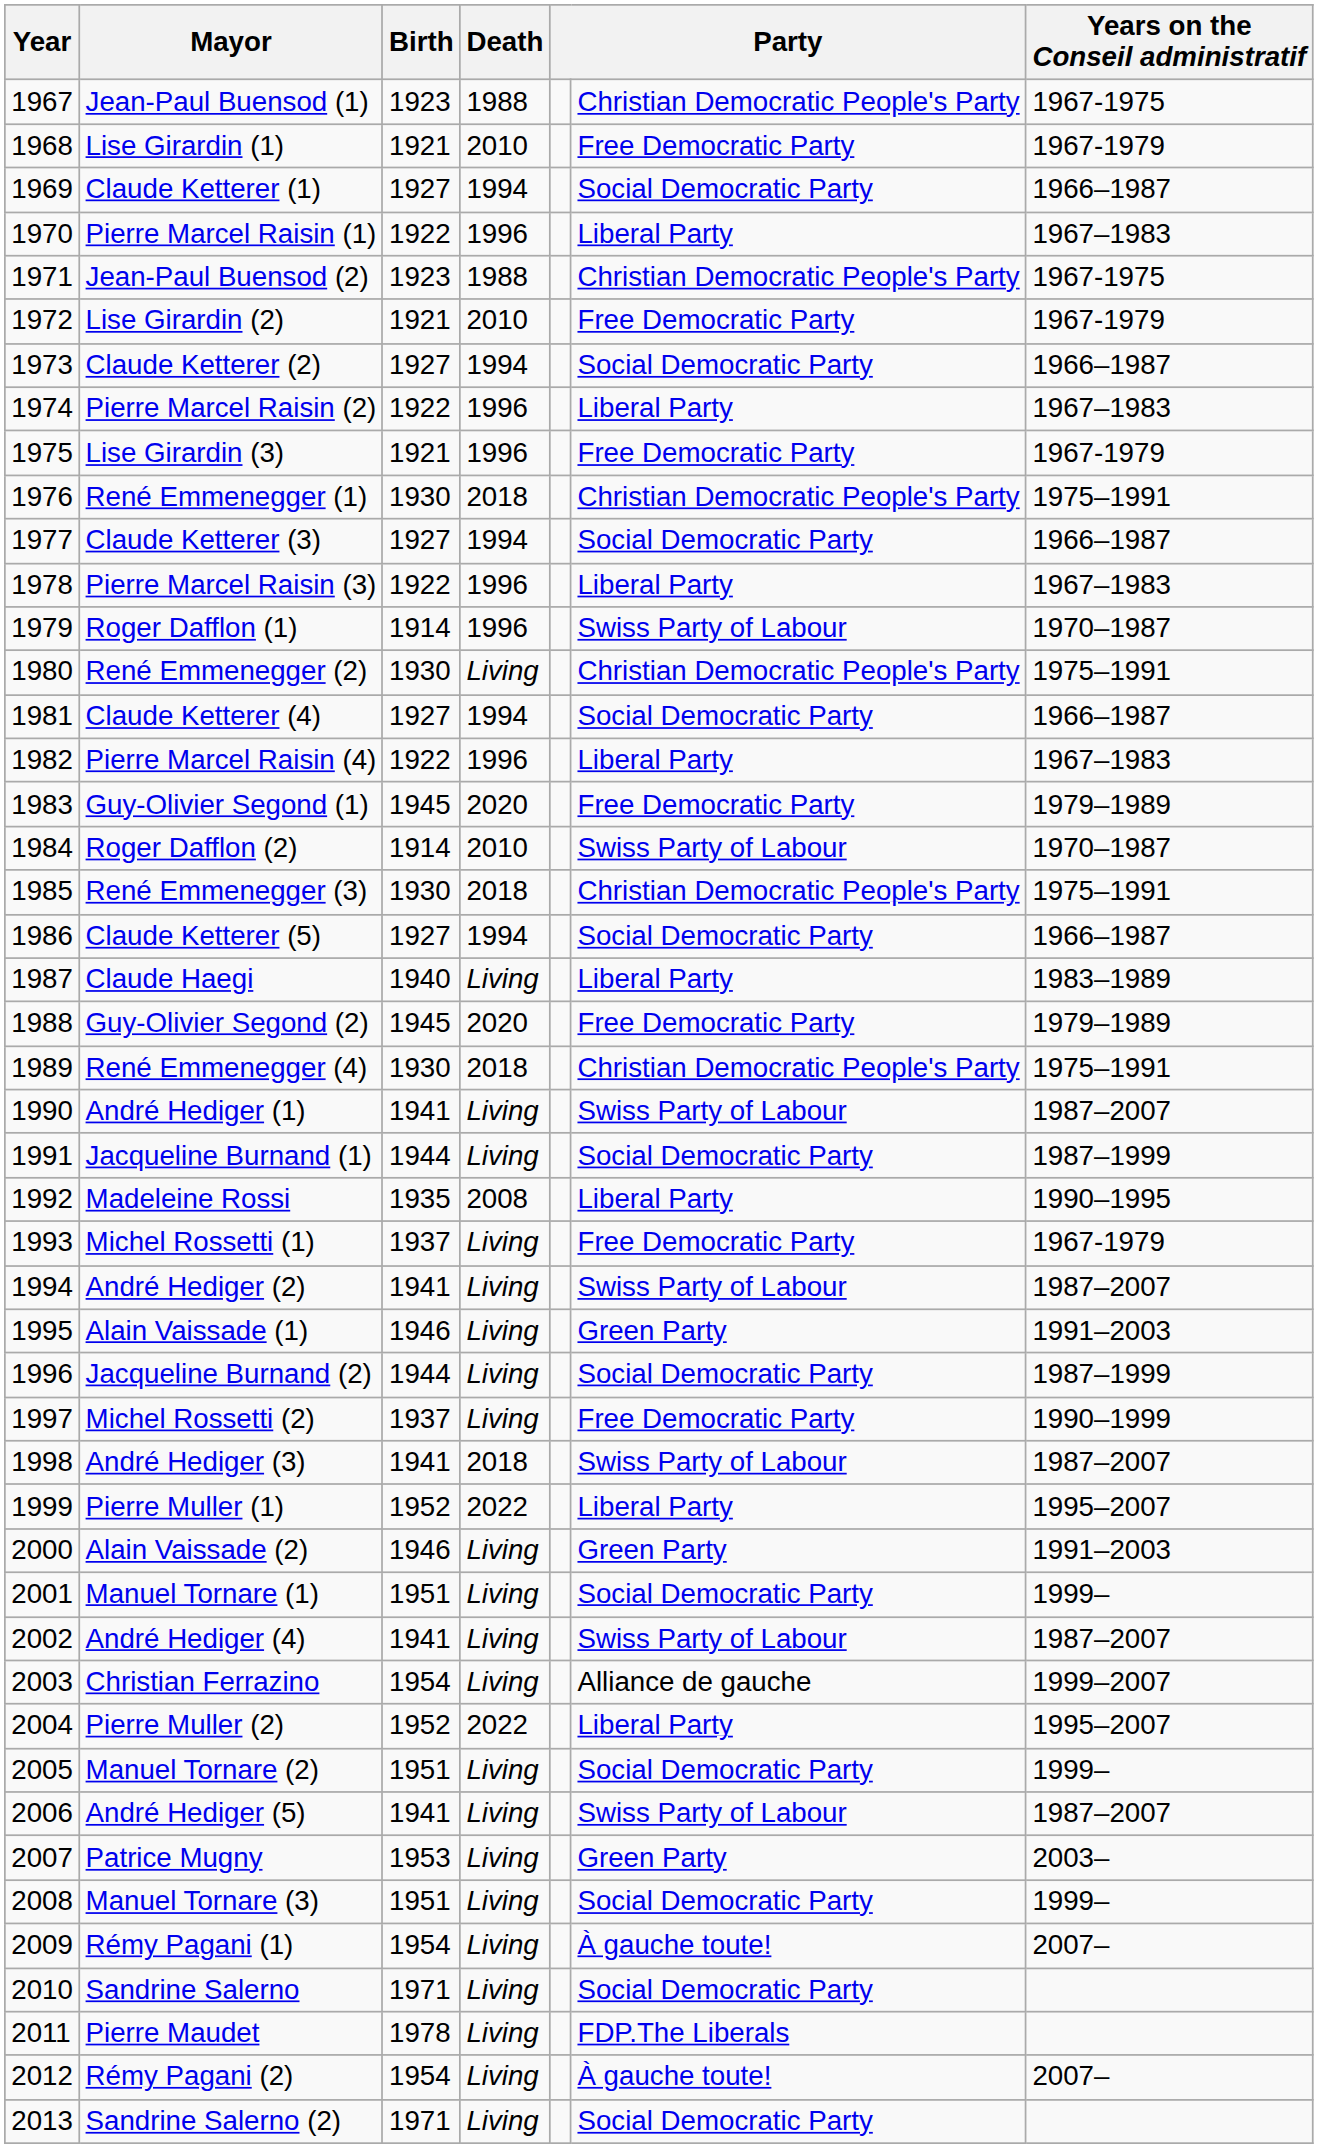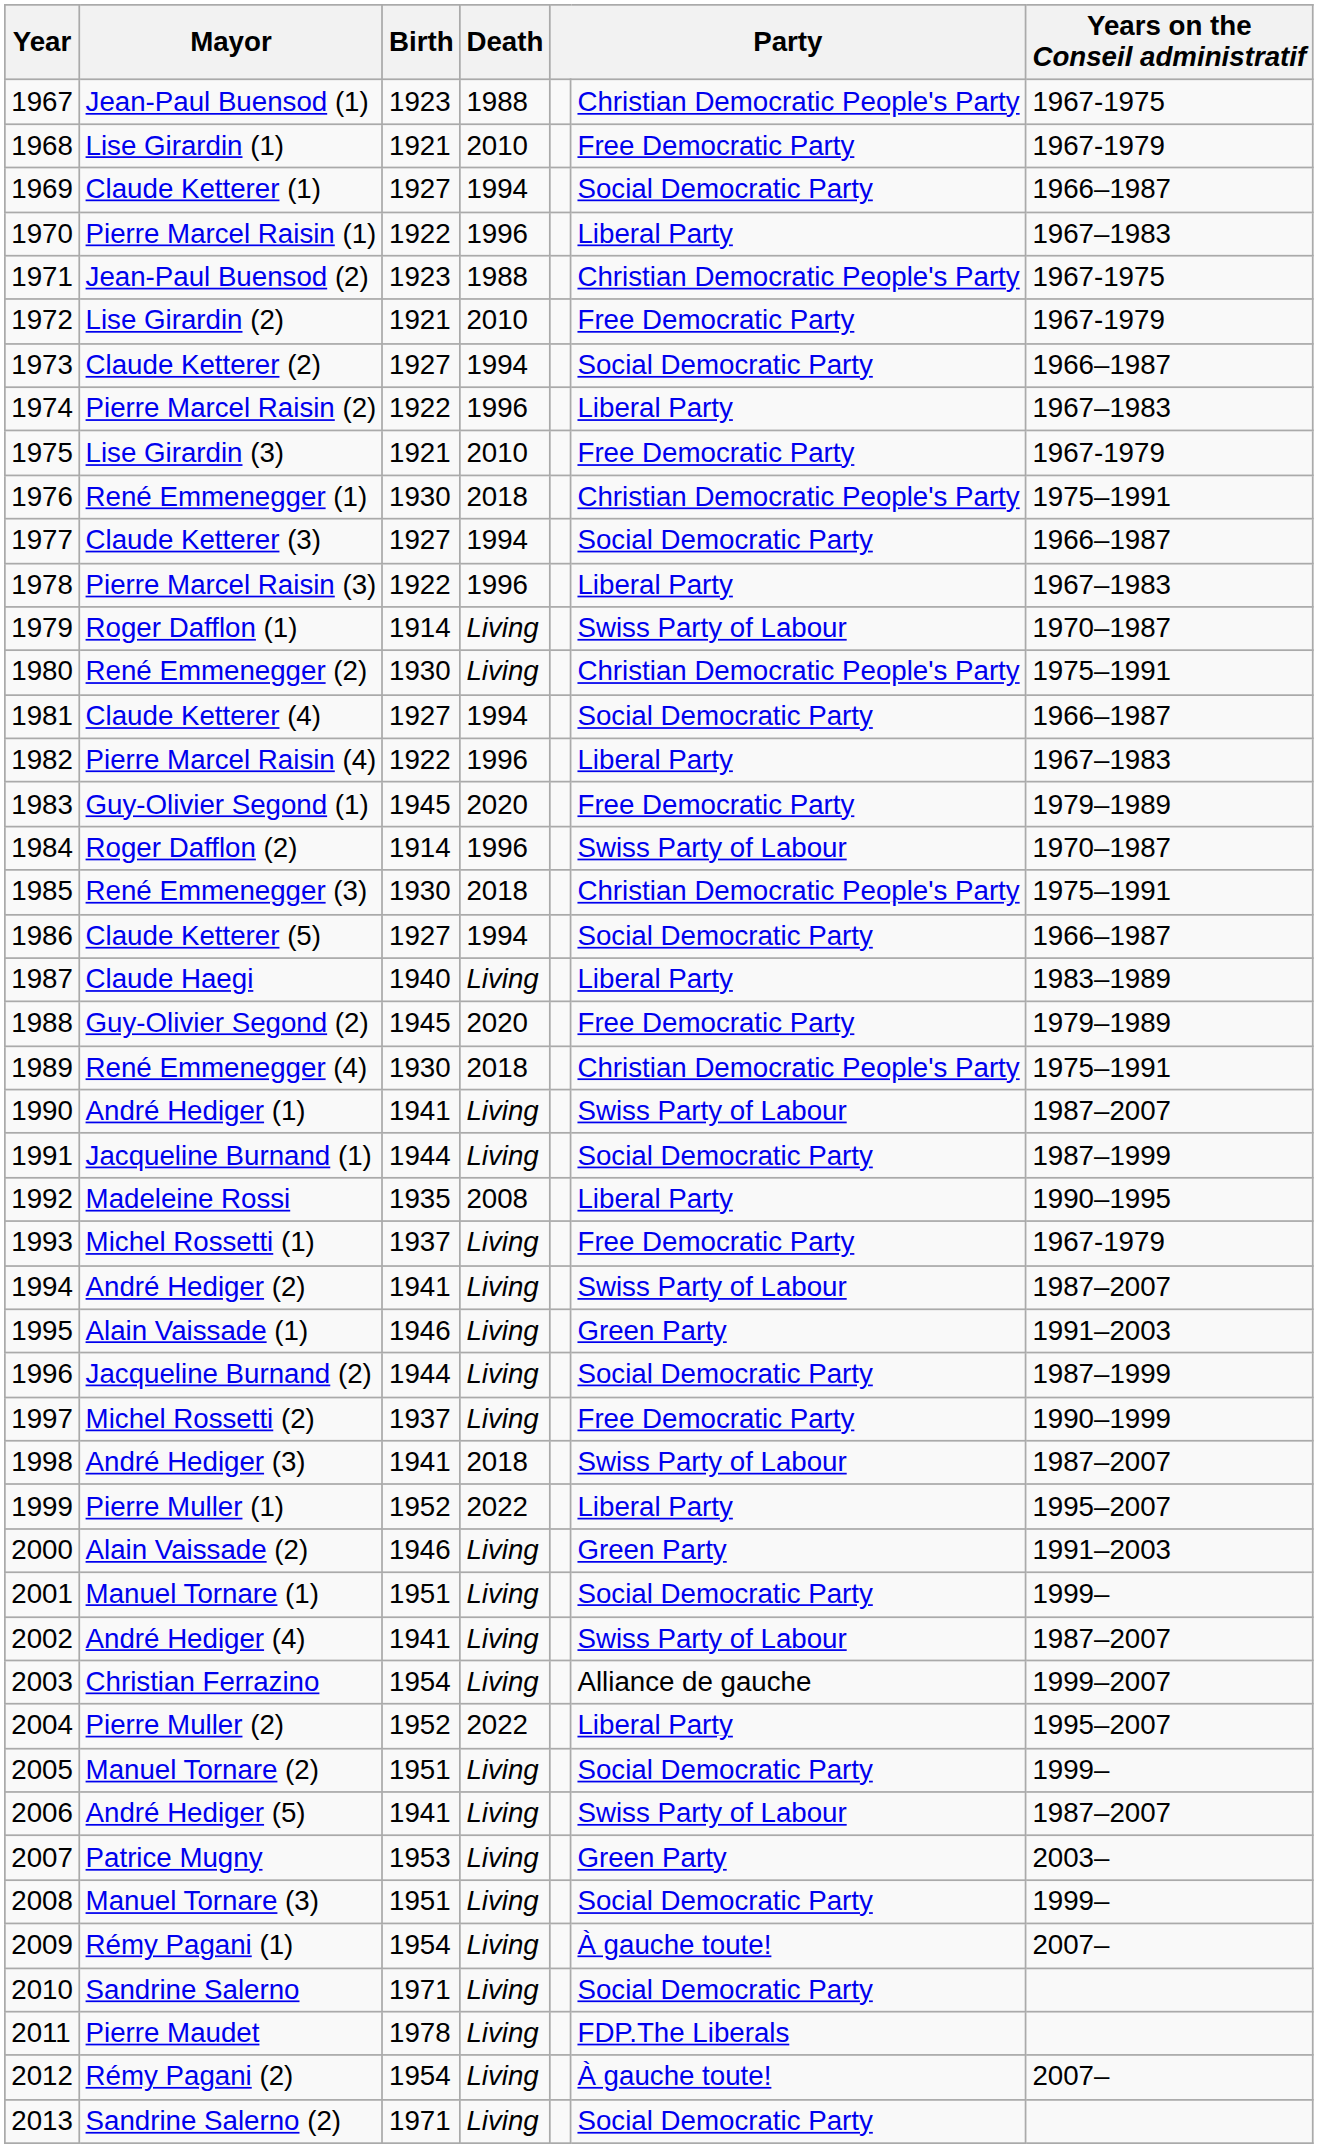 <table class="wikitable sortable">
 <tr>
 <th>Year</th>
 <th>Mayor</th>
 <th>Birth</th>
 <th>Death</th>
 <th colspan=2>Party</th>
 <th>Years on the <br><em>Conseil administratif</em></th>
 </tr>
 <tr>
 <td>1967</td>
 <td><a href='#'>Jean-Paul Buensod</a> (1)</td>
 <td>1923</td>
 <td>1988</td>
 <td width=5px style="background-color: "></td>
 <td><a href='#'>Christian Democratic People's Party</a></td>
 <td>1967-1975</td>
 </tr>
 <tr>
 <td>1968</td>
 <td><a href='#'>Lise Girardin</a> (1)</td>
 <td>1921</td>
 <td>2010</td>
 <td style="background-color: "></td>
 <td><a href='#'>Free Democratic Party</a></td>
 <td>1967-1979</td>
 </tr>
 <tr>
 <td>1969</td>
 <td><a href='#'>Claude Ketterer</a> (1)</td>
 <td>1927</td>
 <td>1994</td>
 <td style="background-color: "></td>
 <td><a href='#'>Social Democratic Party</a></td>
 <td>1966–1987</td>
 </tr>
 <tr>
 <td>1970</td>
 <td><a href='#'>Pierre Marcel Raisin</a> (1)</td>
 <td>1922</td>
 <td>1996</td>
 <td style="background-color: "></td>
 <td><a href='#'>Liberal Party</a></td>
 <td>1967–1983</td>
 </tr>
 <tr>
 <td>1971</td>
 <td><a href='#'>Jean-Paul Buensod</a> (2)</td>
 <td>1923</td>
 <td>1988</td>
 <td style="background-color: "></td>
 <td><a href='#'>Christian Democratic People's Party</a></td>
 <td>1967-1975</td>
 </tr>
 <tr>
 <td>1972</td>
 <td><a href='#'>Lise Girardin</a> (2)</td>
 <td>1921</td>
 <td>2010</td>
 <td style="background-color: "></td>
 <td><a href='#'>Free Democratic Party</a></td>
 <td>1967-1979</td>
 </tr>
 <tr>
 <td>1973</td>
 <td><a href='#'>Claude Ketterer</a> (2)</td>
 <td>1927</td>
 <td>1994</td>
 <td style="background-color: "></td>
 <td><a href='#'>Social Democratic Party</a></td>
 <td>1966–1987</td>
 </tr>
 <tr>
 <td>1974</td>
 <td><a href='#'>Pierre Marcel Raisin</a> (2)</td>
 <td>1922</td>
 <td>1996</td>
 <td style="background-color: "></td>
 <td><a href='#'>Liberal Party</a></td>
 <td>1967–1983</td>
 </tr>
 <tr>
 <td>1975</td>
 <td><a href='#'>Lise Girardin</a> (3)</td>
 <td>1921</td>
-<td>1996</td>
+<td>2010</td>
 <td style="background-color: "></td>
 <td><a href='#'>Free Democratic Party</a></td>
 <td>1967-1979</td>
 </tr>
 <tr>
 <td>1976</td>
 <td><a href='#'>René Emmenegger</a> (1)</td>
 <td>1930</td>
 <td>2018</td>
 <td style="background-color: "></td>
 <td><a href='#'>Christian Democratic People's Party</a></td>
 <td>1975–1991</td>
 </tr>
 <tr>
 <td>1977</td>
 <td><a href='#'>Claude Ketterer</a> (3)</td>
 <td>1927</td>
 <td>1994</td>
 <td style="background-color: "></td>
 <td><a href='#'>Social Democratic Party</a></td>
 <td>1966–1987</td>
 </tr>
 <tr>
 <td>1978</td>
 <td><a href='#'>Pierre Marcel Raisin</a> (3)</td>
 <td>1922</td>
 <td>1996</td>
 <td style="background-color: "></td>
 <td><a href='#'>Liberal Party</a></td>
 <td>1967–1983</td>
 </tr>
 <tr>
 <td>1979</td>
 <td><a href='#'>Roger Dafflon</a> (1)</td>
 <td>1914</td>
-<td>1996</td>
+<td><em>Living</em></td>
 <td style="background-color: "></td>
 <td><a href='#'>Swiss Party of Labour</a></td>
 <td>1970–1987</td>
 </tr>
 <tr>
 <td>1980</td>
 <td><a href='#'>René Emmenegger</a> (2)</td>
 <td>1930</td>
 <td><em>Living</em></td>
 <td style="background-color: "></td>
 <td><a href='#'>Christian Democratic People's Party</a></td>
 <td>1975–1991</td>
 </tr>
 <tr>
 <td>1981</td>
 <td><a href='#'>Claude Ketterer</a> (4)</td>
 <td>1927</td>
 <td>1994</td>
 <td style="background-color: "></td>
 <td><a href='#'>Social Democratic Party</a></td>
 <td>1966–1987</td>
 </tr>
 <tr>
 <td>1982</td>
 <td><a href='#'>Pierre Marcel Raisin</a> (4)</td>
 <td>1922</td>
 <td>1996</td>
 <td style="background-color: "></td>
 <td><a href='#'>Liberal Party</a></td>
 <td>1967–1983</td>
 </tr>
 <tr>
 <td>1983</td>
 <td><a href='#'>Guy-Olivier Segond</a> (1)</td>
 <td>1945</td>
 <td>2020</td>
 <td style="background-color: "></td>
 <td><a href='#'>Free Democratic Party</a></td>
 <td>1979–1989</td>
 </tr>
 <tr>
 <td>1984</td>
 <td><a href='#'>Roger Dafflon</a> (2)</td>
 <td>1914</td>
-<td>2010</td>
+<td>1996</td>
 <td style="background-color: "></td>
 <td><a href='#'>Swiss Party of Labour</a></td>
 <td>1970–1987</td>
 </tr>
 <tr>
 <td>1985</td>
 <td><a href='#'>René Emmenegger</a> (3)</td>
 <td>1930</td>
 <td>2018</td>
 <td style="background-color: "></td>
 <td><a href='#'>Christian Democratic People's Party</a></td>
 <td>1975–1991</td>
 </tr>
 <tr>
 <td>1986</td>
 <td><a href='#'>Claude Ketterer</a> (5)</td>
 <td>1927</td>
 <td>1994</td>
 <td style="background-color: "></td>
 <td><a href='#'>Social Democratic Party</a></td>
 <td>1966–1987</td>
 </tr>
 <tr>
 <td>1987</td>
 <td><a href='#'>Claude Haegi</a></td>
 <td>1940</td>
 <td><em>Living</em></td>
 <td style="background-color: "></td>
 <td><a href='#'>Liberal Party</a></td>
 <td>1983–1989</td>
 </tr>
 <tr>
 <td>1988</td>
 <td><a href='#'>Guy-Olivier Segond</a> (2)</td>
 <td>1945</td>
 <td>2020</td>
 <td style="background-color: "></td>
 <td><a href='#'>Free Democratic Party</a></td>
 <td>1979–1989</td>
 </tr>
 <tr>
 <td>1989</td>
 <td><a href='#'>René Emmenegger</a> (4)</td>
 <td>1930</td>
 <td>2018</td>
 <td style="background-color: "></td>
 <td><a href='#'>Christian Democratic People's Party</a></td>
 <td>1975–1991</td>
 </tr>
 <tr>
 <td>1990</td>
 <td><a href='#'>André Hediger</a> (1)</td>
 <td>1941</td>
 <td><em>Living</em></td>
 <td style="background-color: "></td>
 <td><a href='#'>Swiss Party of Labour</a></td>
 <td>1987–2007</td>
 </tr>
 <tr>
 <td>1991</td>
 <td><a href='#'>Jacqueline Burnand</a> (1)</td>
 <td>1944</td>
 <td><em>Living</em></td>
 <td style="background-color: "></td>
 <td><a href='#'>Social Democratic Party</a></td>
 <td>1987–1999</td>
 </tr>
 <tr>
 <td>1992</td>
 <td><a href='#'>Madeleine Rossi</a></td>
 <td>1935</td>
 <td>2008</td>
 <td style="background-color: "></td>
 <td><a href='#'>Liberal Party</a></td>
 <td>1990–1995</td>
 </tr>
 <tr>
 <td>1993</td>
 <td><a href='#'>Michel Rossetti</a> (1)</td>
 <td>1937</td>
 <td><em>Living</em></td>
 <td style="background-color: "></td>
 <td><a href='#'>Free Democratic Party</a></td>
 <td>1967-1979</td>
 </tr>
 <tr>
 <td>1994</td>
 <td><a href='#'>André Hediger</a> (2)</td>
 <td>1941</td>
 <td><em>Living</em></td>
 <td style="background-color: "></td>
 <td><a href='#'>Swiss Party of Labour</a></td>
 <td>1987–2007</td>
 </tr>
 <tr>
 <td>1995</td>
 <td><a href='#'>Alain Vaissade</a> (1)</td>
 <td>1946</td>
 <td><em>Living</em></td>
 <td style="background-color: "></td>
 <td><a href='#'>Green Party</a></td>
 <td>1991–2003</td>
 </tr>
 <tr>
 <td>1996</td>
 <td><a href='#'>Jacqueline Burnand</a> (2)</td>
 <td>1944</td>
 <td><em>Living</em></td>
 <td style="background-color: "></td>
 <td><a href='#'>Social Democratic Party</a></td>
 <td>1987–1999</td>
 </tr>
 <tr>
 <td>1997</td>
 <td><a href='#'>Michel Rossetti</a> (2)</td>
 <td>1937</td>
 <td><em>Living</em></td>
 <td style="background-color: "></td>
 <td><a href='#'>Free Democratic Party</a></td>
 <td>1990–1999</td>
 </tr>
 <tr>
 <td>1998</td>
 <td><a href='#'>André Hediger</a> (3)</td>
 <td>1941</td>
 <td>2018</td>
 <td style="background-color: "></td>
 <td><a href='#'>Swiss Party of Labour</a></td>
 <td>1987–2007</td>
 </tr>
 <tr>
 <td>1999</td>
 <td><a href='#'>Pierre Muller</a> (1)</td>
 <td>1952</td>
 <td>2022</td>
 <td style="background-color: "></td>
 <td><a href='#'>Liberal Party</a></td>
 <td>1995–2007</td>
 </tr>
 <tr>
 <td>2000</td>
 <td><a href='#'>Alain Vaissade</a> (2)</td>
 <td>1946</td>
 <td><em>Living</em></td>
 <td style="background-color: "></td>
 <td><a href='#'>Green Party</a></td>
 <td>1991–2003</td>
 </tr>
 <tr>
 <td>2001</td>
 <td><a href='#'>Manuel Tornare</a> (1)</td>
 <td>1951</td>
 <td><em>Living</em></td>
 <td style="background-color: "></td>
 <td><a href='#'>Social Democratic Party</a></td>
 <td>1999–</td>
 </tr>
 <tr>
 <td>2002</td>
 <td><a href='#'>André Hediger</a> (4)</td>
 <td>1941</td>
 <td><em>Living</em></td>
 <td style="background-color: "></td>
 <td><a href='#'>Swiss Party of Labour</a></td>
 <td>1987–2007</td>
 </tr>
 <tr>
 <td>2003</td>
 <td><a href='#'>Christian Ferrazino</a></td>
 <td>1954</td>
 <td><em>Living</em></td>
 <td></td>
 <td>Alliance de gauche</td>
 <td>1999–2007</td>
 </tr>
 <tr>
 <td>2004</td>
 <td><a href='#'>Pierre Muller</a> (2)</td>
 <td>1952</td>
 <td>2022</td>
 <td style="background-color: "></td>
 <td><a href='#'>Liberal Party</a></td>
 <td>1995–2007</td>
 </tr>
 <tr>
 <td>2005</td>
 <td><a href='#'>Manuel Tornare</a> (2)</td>
 <td>1951</td>
 <td><em>Living</em></td>
 <td style="background-color: "></td>
 <td><a href='#'>Social Democratic Party</a></td>
 <td>1999–</td>
 </tr>
 <tr>
 <td>2006</td>
 <td><a href='#'>André Hediger</a> (5)</td>
 <td>1941</td>
 <td><em>Living</em></td>
 <td style="background-color: "></td>
 <td><a href='#'>Swiss Party of Labour</a></td>
 <td>1987–2007</td>
 </tr>
 <tr>
 <td>2007</td>
 <td><a href='#'>Patrice Mugny</a></td>
 <td>1953</td>
 <td><em>Living</em></td>
 <td style="background-color: "></td>
 <td><a href='#'>Green Party</a></td>
 <td>2003–</td>
 </tr>
 <tr>
 <td>2008</td>
 <td><a href='#'>Manuel Tornare</a> (3)</td>
 <td>1951</td>
 <td><em>Living</em></td>
 <td style="background-color: "></td>
 <td><a href='#'>Social Democratic Party</a></td>
 <td>1999–</td>
 </tr>
 <tr>
 <td>2009</td>
 <td><a href='#'>Rémy Pagani</a> (1)</td>
 <td>1954</td>
 <td><em>Living</em></td>
 <td style="background-color: "></td>
 <td><a href='#'>À gauche toute!</a></td>
 <td>2007–</td>
 </tr>
 <tr>
 <td>2010</td>
 <td><a href='#'>Sandrine Salerno</a></td>
 <td>1971</td>
 <td><em>Living</em></td>
 <td style="background-color: "></td>
 <td><a href='#'>Social Democratic Party</a></td>
 </tr>
 <tr>
 <td>2011</td>
 <td><a href='#'>Pierre Maudet</a></td>
 <td>1978</td>
 <td><em>Living</em></td>
 <td style="background-color: "></td>
 <td><a href='#'>FDP.The Liberals</a></td>
 <td></td>
 </tr>
 <tr>
 <td>2012</td>
 <td><a href='#'>Rémy Pagani</a> (2)</td>
 <td>1954</td>
 <td><em>Living</em></td>
 <td style="background-color: "></td>
 <td><a href='#'>À gauche toute!</a></td>
 <td>2007–</td>
 </tr>
 <tr>
 <td>2013</td>
 <td><a href='#'>Sandrine Salerno</a> (2)</td>
 <td>1971</td>
 <td><em>Living</em></td>
 <td style="background-color: "></td>
 <td><a href='#'>Social Democratic Party</a></td>
 <td></td>
 </tr>
 </table>
